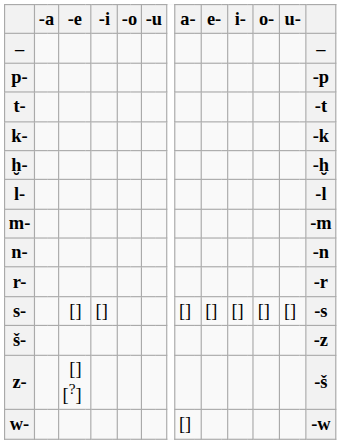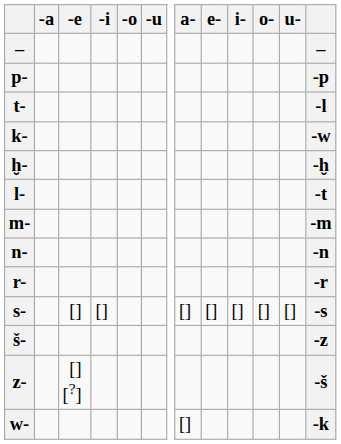 <table class="wikitable" style="text-align:center; border: none;">
 <tr>
 <th></th>
 <th colspan=2>-a</th>
 <th colspan=2>-e</th>
 <th colspan=2>-i</th>
 <th colspan=2>-o</th>
 <th colspan=2>-u</th>
 <th rowspan=14; style="border: none; background: white;"></th>
 <th colspan=2>a-</th>
 <th colspan=2>e-</th>
 <th colspan=2>i-</th>
 <th colspan=2>o-</th>
 <th colspan=2>u-</th>
 <th></th>
 </tr>
 <tr>
 <th>–</th>
 <td style="border-style: solid none solid solid; text-align: right;"></td>
 <td style="font-size:75%; border-style: solid solid solid none; text-align: left;"></td>
 <td style="border-style: solid none solid solid; text-align: right;"></td>
 <td style="font-size:75%; border-style: solid solid solid none; text-align: left;"></td>
 <td style="border-style: solid none solid solid; text-align: right;"></td>
 <td style="font-size:75%; border-style: solid solid solid none; text-align: left;"></td>
 <td style="border-style: solid none solid solid; text-align: right;"></td>
 <td style="font-size:75%; border-style: solid solid solid none; text-align: left;"></td>
 <td style="border-style: solid none solid solid; text-align: right;"></td>
 <td style="font-size:75%; border-style: solid solid solid none; text-align: left;"></td>
 <td style="border-style: solid none solid solid; text-align: right;"></td>
 <td style="font-size:75%; border-style: solid solid solid none; text-align: left;"></td>
 <td style="border-style: solid none solid solid; text-align: right;"></td>
 <td style="font-size:75%; border-style: solid solid solid none; text-align: left;"></td>
 <td style="border-style: solid none solid solid; text-align: right;"></td>
 <td style="font-size:75%; border-style: solid solid solid none; text-align: left;"></td>
 <td style="border-style: solid none solid solid; text-align: right;"></td>
 <td style="font-size:75%; border-style: solid solid solid none; text-align: left;"></td>
 <td style="border-style: solid none solid solid; text-align: right;"></td>
 <td style="font-size:75%; border-style: solid solid solid none; text-align: left;"></td>
 <th>–</th>
 </tr>
 <tr>
 <th>p-</th>
 <td style="border-style: solid none solid solid; text-align: right;"></td>
 <td style="font-size:75%; border-style: solid solid solid none; text-align: left;"></td>
 <td style="border-style: solid none solid solid; text-align: right;"></td>
 <td style="font-size:75%; border-style: solid solid solid none; text-align: left;"></td>
 <td style="border-style: solid none solid solid; text-align: right;"></td>
 <td style="font-size:75%; border-style: solid solid solid none; text-align: left;"></td>
 <td style="border-style: solid none solid solid; text-align: right;"></td>
 <td style="font-size:75%; border-style: solid solid solid none; text-align: left;"></td>
 <td style="border-style: solid none solid solid; text-align: right;"></td>
 <td style="font-size:75%; border-style: solid solid solid none; text-align: left;"></td>
 <td style="border-style: solid none solid solid; text-align: right;"></td>
 <td style="font-size:75%; border-style: solid solid solid none; text-align: left;"></td>
 <td style="border-style: solid none solid solid; text-align: right;"></td>
 <td style="font-size:75%; border-style: solid solid solid none; text-align: left;"></td>
 <td style="border-style: solid none solid solid; text-align: right;"></td>
 <td style="font-size:75%; border-style: solid solid solid none; text-align: left;"></td>
 <td style="border-style: solid none solid solid; text-align: right;"></td>
 <td style="font-size:75%; border-style: solid solid solid none; text-align: left;"></td>
 <td style="border-style: solid none solid solid; text-align: right;"></td>
 <td style="font-size:75%; border-style: solid solid solid none; text-align: left;"></td>
 <th>-p</th>
 </tr>
 <tr>
 <th>t-</th>
 <td style="border-style: solid none solid solid; text-align: right;"></td>
 <td style="font-size:75%; border-style: solid solid solid none; text-align: left;"></td>
 <td style="border-style: solid none solid solid; text-align: right;"></td>
 <td style="font-size:75%; border-style: solid solid solid none; text-align: left;"></td>
 <td style="border-style: solid none solid solid; text-align: right;"></td>
 <td style="font-size:75%; border-style: solid solid solid none; text-align: left;"></td>
 <td style="border-style: solid none solid solid; text-align: right;"></td>
 <td style="font-size:75%; border-style: solid solid solid none; text-align: left;"></td>
 <td style="border-style: solid none solid solid; text-align: right;"></td>
 <td style="font-size:75%; border-style: solid solid solid none; text-align: left;"></td>
 <td style="border-style: solid none solid solid; text-align: right;"></td>
 <td style="font-size:75%; border-style: solid solid solid none; text-align: left;"></td>
 <td style="border-style: solid none solid solid; text-align: right;"></td>
 <td style="font-size:75%; border-style: solid solid solid none; text-align: left;"></td>
 <td style="border-style: solid none solid solid; text-align: right;"></td>
 <td style="font-size:75%; border-style: solid solid solid none; text-align: left;"></td>
 <td style="border-style: solid none solid solid; text-align: right;"></td>
 <td style="font-size:75%; border-style: solid solid solid none; text-align: left;"></td>
 <td style="border-style: solid none solid solid; text-align: right;"></td>
 <td style="font-size:75%; border-style: solid solid solid none; text-align: left;"></td>
-<th>-t</th>
+<th>-l</th>
 </tr>
 <tr>
 <th>k-</th>
 <td style="border-style: solid none solid solid; text-align: right;"></td>
 <td style="font-size:75%; border-style: solid solid solid none; text-align: left;"></td>
 <td style="border-style: solid none solid solid; text-align: right;"></td>
 <td style="font-size:75%; border-style: solid solid solid none; text-align: left;"></td>
 <td style="border-style: solid none solid solid; text-align: right;"></td>
 <td style="font-size:75%; border-style: solid solid solid none; text-align: left;"></td>
 <td style="border-style: solid none solid solid; text-align: right;"></td>
 <td style="font-size:75%; border-style: solid solid solid none; text-align: left;"></td>
 <td style="border-style: solid none solid solid; text-align: right;"></td>
 <td style="font-size:75%; border-style: solid solid solid none; text-align: left;"></td>
 <td style="border-style: solid none solid solid; text-align: right;"></td>
 <td style="font-size:75%; border-style: solid solid solid none; text-align: left;"></td>
 <td style="border-style: solid none solid solid; text-align: right;"></td>
 <td style="font-size:75%; border-style: solid solid solid none; text-align: left;"></td>
 <td style="border-style: solid none solid solid; text-align: right;"></td>
 <td style="font-size:75%; border-style: solid solid solid none; text-align: left;"></td>
 <td style="border-style: solid none solid solid; text-align: right;"></td>
 <td style="font-size:75%; border-style: solid solid solid none; text-align: left;"></td>
 <td style="border-style: solid none solid solid; text-align: right;"></td>
 <td style="font-size:75%; border-style: solid solid solid none; text-align: left;"></td>
-<th>-k</th>
+<th>-w</th>
 </tr>
 <tr>
 <th>ḫ-</th>
 <td style="border-style: solid none solid solid; text-align: right;"></td>
 <td style="font-size:75%; border-style: solid solid solid none; text-align: left;"></td>
 <td style="border-style: solid none solid solid; text-align: right;"></td>
 <td style="font-size:75%; border-style: solid solid solid none; text-align: left;"></td>
 <td style="border-style: solid none solid solid; text-align: right;"></td>
 <td style="font-size:75%; border-style: solid solid solid none; text-align: left;"></td>
 <td style="border-style: solid none solid solid; text-align: right;"></td>
 <td style="font-size:75%; border-style: solid solid solid none; text-align: left;"></td>
 <td style="border-style: solid none solid solid; text-align: right;"></td>
 <td style="font-size:75%; border-style: solid solid solid none; text-align: left;"></td>
 <td style="border-style: solid none solid solid; text-align: right;"></td>
 <td style="font-size:75%; border-style: solid solid solid none; text-align: left;"></td>
 <td style="border-style: solid none solid solid; text-align: right;"></td>
 <td style="font-size:75%; border-style: solid solid solid none; text-align: left;"></td>
 <td style="border-style: solid none solid solid; text-align: right;"></td>
 <td style="font-size:75%; border-style: solid solid solid none; text-align: left;"></td>
 <td style="border-style: solid none solid solid; text-align: right;"></td>
 <td style="font-size:75%; border-style: solid solid solid none; text-align: left;"></td>
 <td style="border-style: solid none solid solid; text-align: right;"></td>
 <td style="font-size:75%; border-style: solid solid solid none; text-align: left;"></td>
 <th>-ḫ</th>
 </tr>
 <tr>
 <th>l-</th>
 <td style="border-style: solid none solid solid; text-align: right;"></td>
 <td style="font-size:75%; border-style: solid solid solid none; text-align: left;"></td>
 <td style="border-style: solid none solid solid; text-align: right;"></td>
 <td style="font-size:75%; border-style: solid solid solid none; text-align: left;"></td>
 <td style="border-style: solid none solid solid; text-align: right;"></td>
 <td style="font-size:75%; border-style: solid solid solid none; text-align: left;"></td>
 <td style="border-style: solid none solid solid; text-align: right;"></td>
 <td style="font-size:75%; border-style: solid solid solid none; text-align: left;"></td>
 <td style="border-style: solid none solid solid; text-align: right;"></td>
 <td style="font-size:75%; border-style: solid solid solid none; text-align: left;"></td>
 <td style="border-style: solid none solid solid; text-align: right;"></td>
 <td style="font-size:75%; border-style: solid solid solid none; text-align: left;"></td>
 <td style="border-style: solid none solid solid; text-align: right;"></td>
 <td style="font-size:75%; border-style: solid solid solid none; text-align: left;"></td>
 <td style="border-style: solid none solid solid; text-align: right;"></td>
 <td style="font-size:75%; border-style: solid solid solid none; text-align: left;"></td>
 <td style="border-style: solid none solid solid; text-align: right;"></td>
 <td style="font-size:75%; border-style: solid solid solid none; text-align: left;"></td>
 <td style="border-style: solid none solid solid; text-align: right;"></td>
 <td style="font-size:75%; border-style: solid solid solid none; text-align: left;"></td>
-<th>-l</th>
+<th>-t</th>
 </tr>
 <tr>
 <th>m-</th>
 <td style="border-style: solid none solid solid; text-align: right;"></td>
 <td style="font-size:75%; border-style: solid solid solid none; text-align: left;"></td>
 <td style="border-style: solid none solid solid; text-align: right;"></td>
 <td style="font-size:75%; border-style: solid solid solid none; text-align: left;"></td>
 <td style="border-style: solid none solid solid; text-align: right;"></td>
 <td style="font-size:75%; border-style: solid solid solid none; text-align: left;"></td>
 <td style="border-style: solid none solid solid; text-align: right;"></td>
 <td style="font-size:75%; border-style: solid solid solid none; text-align: left;"></td>
 <td style="border-style: solid none solid solid; text-align: right;"></td>
 <td style="font-size:75%; border-style: solid solid solid none; text-align: left;"></td>
 <td style="border-style: solid none solid solid; text-align: right;"></td>
 <td style="font-size:75%; border-style: solid solid solid none; text-align: left;"></td>
 <td style="border-style: solid none solid solid; text-align: right;"></td>
 <td style="font-size:75%; border-style: solid solid solid none; text-align: left;"></td>
 <td style="border-style: solid none solid solid; text-align: right;"></td>
 <td style="font-size:75%; border-style: solid solid solid none; text-align: left;"></td>
 <td style="border-style: solid none solid solid; text-align: right;"></td>
 <td style="font-size:75%; border-style: solid solid solid none; text-align: left;"></td>
 <td style="border-style: solid none solid solid; text-align: right;"></td>
 <td style="font-size:75%; border-style: solid solid solid none; text-align: left;"></td>
 <th>-m</th>
 </tr>
 <tr>
 <th>n-</th>
 <td style="border-style: solid none solid solid; text-align: right;"></td>
 <td style="font-size:75%; border-style: solid solid solid none; text-align: left;"></td>
 <td style="border-style: solid none solid solid; text-align: right;"></td>
 <td style="font-size:75%; border-style: solid solid solid none; text-align: left;"></td>
 <td style="border-style: solid none solid solid; text-align: right;"></td>
 <td style="font-size:75%; border-style: solid solid solid none; text-align: left;"></td>
 <td style="border-style: solid none solid solid; text-align: right;"></td>
 <td style="font-size:75%; border-style: solid solid solid none; text-align: left;"></td>
 <td style="border-style: solid none solid solid; text-align: right;"></td>
 <td style="font-size:75%; border-style: solid solid solid none; text-align: left;"></td>
 <td style="border-style: solid none solid solid; text-align: right;"></td>
 <td style="font-size:75%; border-style: solid solid solid none; text-align: left;"></td>
 <td style="border-style: solid none solid solid; text-align: right;"></td>
 <td style="font-size:75%; border-style: solid solid solid none; text-align: left;"></td>
 <td style="border-style: solid none solid solid; text-align: right;"></td>
 <td style="font-size:75%; border-style: solid solid solid none; text-align: left;"></td>
 <td style="border-style: solid none solid solid; text-align: right;"></td>
 <td style="font-size:75%; border-style: solid solid solid none; text-align: left;"></td>
 <td style="border-style: solid none solid solid; text-align: right;"></td>
 <td style="font-size:75%; border-style: solid solid solid none; text-align: left;"></td>
 <th>-n</th>
 </tr>
 <tr>
 <th>r-</th>
 <td style="border-style: solid none solid solid; text-align: right;"></td>
 <td style="font-size:75%; border-style: solid solid solid none; text-align: left;"></td>
 <td style="border-style: solid none solid solid; text-align: right;"></td>
 <td style="font-size:75%; border-style: solid solid solid none; text-align: left;"></td>
 <td style="border-style: solid none solid solid; text-align: right;"></td>
 <td style="font-size:75%; border-style: solid solid solid none; text-align: left;"></td>
 <td style="border-style: solid none solid solid; text-align: right;"></td>
 <td style="font-size:75%; border-style: solid solid solid none; text-align: left;"></td>
 <td style="border-style: solid none solid solid; text-align: right;"></td>
 <td style="font-size:75%; border-style: solid solid solid none; text-align: left;"></td>
 <td style="border-style: solid none solid solid; text-align: right;"></td>
 <td style="font-size:75%; border-style: solid solid solid none; text-align: left;"></td>
 <td style="border-style: solid none solid solid; text-align: right;"></td>
 <td style="font-size:75%; border-style: solid solid solid none; text-align: left;"></td>
 <td style="border-style: solid none solid solid; text-align: right;"></td>
 <td style="font-size:75%; border-style: solid solid solid none; text-align: left;"></td>
 <td style="border-style: solid none solid solid; text-align: right;"></td>
 <td style="font-size:75%; border-style: solid solid solid none; text-align: left;"></td>
 <td style="border-style: solid none solid solid; text-align: right;"></td>
 <td style="font-size:75%; border-style: solid solid solid none; text-align: left;"></td>
 <th>-r</th>
 </tr>
 <tr>
 <th>s-</th>
 <td style="border-style: solid none solid solid; text-align: right;"></td>
 <td style="font-size:75%; border-style: solid solid solid none; text-align: left;"></td>
 <td style="border-style: solid none solid solid; text-align: right;">[]</td>
 <td style="font-size:75%; border-style: solid solid solid none; text-align: left;"></td>
 <td style="border-style: solid none solid solid; text-align: right;">[]</td>
 <td style="font-size:75%; border-style: solid solid solid none; text-align: left;"></td>
 <td style="border-style: solid none solid solid; text-align: right;"></td>
 <td style="font-size:75%; border-style: solid solid solid none; text-align: left;"></td>
 <td style="border-style: solid none solid solid; text-align: right;"></td>
 <td style="font-size:75%; border-style: solid solid solid none; text-align: left;"></td>
 <td style="border-style: solid none solid solid; text-align: right;">[]</td>
 <td style="font-size:75%; border-style: solid solid solid none; text-align: left;"></td>
 <td style="border-style: solid none solid solid; text-align: right;">[]</td>
 <td style="font-size:75%; border-style: solid solid solid none; text-align: left;"></td>
 <td style="border-style: solid none solid solid; text-align: right;">[]</td>
 <td style="font-size:75%; border-style: solid solid solid none; text-align: left;"></td>
 <td style="border-style: solid none solid solid; text-align: right;">[]</td>
 <td style="font-size:75%; border-style: solid solid solid none; text-align: left;"></td>
 <td style="border-style: solid none solid solid; text-align: right;">[]</td>
 <td style="font-size:75%; border-style: solid solid solid none; text-align: left;"></td>
 <th>-s</th>
 </tr>
 <tr>
 <th>š-</th>
 <td style="border-style: solid none solid solid; text-align: right;"></td>
 <td style="font-size:75%; border-style: solid solid solid none; text-align: left;"></td>
 <td style="border-style: solid none solid solid; text-align: right;"></td>
 <td style="font-size:75%; border-style: solid solid solid none; text-align: left;"></td>
 <td style="border-style: solid none solid solid; text-align: right;"></td>
 <td style="font-size:75%; border-style: solid solid solid none; text-align: left;"></td>
 <td style="border-style: solid none solid solid; text-align: right;"></td>
 <td style="font-size:75%; border-style: solid solid solid none; text-align: left;"></td>
 <td style="border-style: solid none solid solid; text-align: right;"></td>
 <td style="font-size:75%; border-style: solid solid solid none; text-align: left;"></td>
 <td style="border-style: solid none solid solid; text-align: right;"></td>
 <td style="font-size:75%; border-style: solid solid solid none; text-align: left;"></td>
 <td style="border-style: solid none solid solid; text-align: right;"></td>
 <td style="font-size:75%; border-style: solid solid solid none; text-align: left;"></td>
 <td style="border-style: solid none solid solid; text-align: right;"></td>
 <td style="font-size:75%; border-style: solid solid solid none; text-align: left;"></td>
 <td style="border-style: solid none solid solid; text-align: right;"></td>
 <td style="font-size:75%; border-style: solid solid solid none; text-align: left;"></td>
 <td style="border-style: solid none solid solid; text-align: right;"></td>
 <td style="font-size:75%; border-style: solid solid solid none; text-align: left;"></td>
 <th>-z</th>
 </tr>
 <tr>
 <th>z-</th>
 <td style="border-style: solid none solid solid; text-align: right;"></td>
 <td style="font-size:75%; border-style: solid solid solid none; text-align: left;"></td>
 <td style="border-style: solid none solid solid; text-align: right;">[]<br>[<sup>?</sup>]</td>
 <td style="font-size:75%; border-style: solid solid solid none; text-align: left;"><br></td>
 <td style="border-style: solid none solid solid; text-align: right;"></td>
 <td style="font-size:75%; border-style: solid solid solid none; text-align: left;"></td>
 <td style="border-style: solid none solid solid; text-align: right;"></td>
 <td style="font-size:75%; border-style: solid solid solid none; text-align: left;"></td>
 <td style="border-style: solid none solid solid; text-align: right;"></td>
 <td style="font-size:75%; border-style: solid solid solid none; text-align: left;"></td>
 <td style="border-style: solid none solid solid; text-align: right;"></td>
 <td style="font-size:75%; border-style: solid solid solid none; text-align: left;"></td>
 <td style="border-style: solid none solid solid; text-align: right;"></td>
 <td style="font-size:75%; border-style: solid solid solid none; text-align: left;"></td>
 <td style="border-style: solid none solid solid; text-align: right;"></td>
 <td style="font-size:75%; border-style: solid solid solid none; text-align: left;"></td>
 <td style="border-style: solid none solid solid; text-align: right;"></td>
 <td style="font-size:75%; border-style: solid solid solid none; text-align: left;"></td>
 <td style="border-style: solid none solid solid; text-align: right;"></td>
 <td style="font-size:75%; border-style: solid solid solid none; text-align: left;"></td>
 <th>-š</th>
 </tr>
 <tr>
 <th>w-</th>
 <td style="border-style: solid none solid solid; text-align: right;"></td>
 <td style="font-size:75%; border-style: solid solid solid none; text-align: left;"></td>
 <td style="border-style: solid none solid solid; text-align: right;"></td>
 <td style="font-size:75%; border-style: solid solid solid none; text-align: left;"></td>
 <td style="border-style: solid none solid solid; text-align: right;"></td>
 <td style="font-size:75%; border-style: solid solid solid none; text-align: left;"></td>
 <td style="border-style: solid none solid solid; text-align: right;"></td>
 <td style="font-size:75%; border-style: solid solid solid none; text-align: left;"></td>
 <td style="border-style: solid none solid solid; text-align: right;"></td>
 <td style="font-size:75%; border-style: solid solid solid none; text-align: left;"></td>
 <td style="border-style: solid none solid solid; text-align: right;">[]</td>
 <td style="font-size:75%; border-style: solid solid solid none; text-align: left;"></td>
 <td style="border-style: solid none solid solid; text-align: right;"></td>
 <td style="font-size:75%; border-style: solid solid solid none; text-align: left;"></td>
 <td style="border-style: solid none solid solid; text-align: right;"></td>
 <td style="font-size:75%; border-style: solid solid solid none; text-align: left;"></td>
 <td style="border-style: solid none solid solid; text-align: right;"></td>
 <td style="font-size:75%; border-style: solid solid solid none; text-align: left;"></td>
 <td style="border-style: solid none solid solid; text-align: right;"></td>
 <td style="font-size:75%; border-style: solid solid solid none; text-align: left;"></td>
-<th>-w</th>
+<th>-k</th>
 </tr>
 </table>
